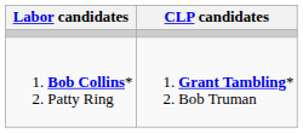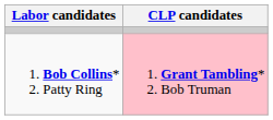 <table class="wikitable">
 <tr>
 <th><a href='#'>Labor</a> candidates</th>
 <th><a href='#'>CLP</a> candidates</th>
 </tr>
 <tr bgcolor="#cccccc">
 <td></td>
 <td></td>
 </tr>
 <tr>
 <td><br><ol><li><strong><a href='#'>Bob Collins</a></strong>*</li><li>Patty Ring</li></ol></td>
-<td><br><ol><li><strong><a href='#'>Grant Tambling</a></strong>*</li><li>Bob Truman</li></ol></td>
+<td style="background: pink;"><br><ol><li><strong><a href='#'>Grant Tambling</a></strong>*</li><li>Bob Truman</li></ol></td>
 </tr>
 </table>
